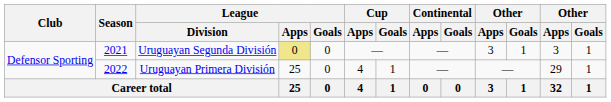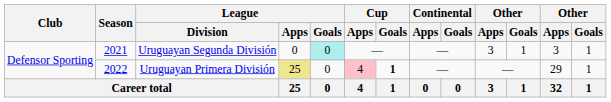 <table class="wikitable" Style="text-align: center">
 <tr>
 <th rowspan="2">Club</th>
 <th rowspan="2">Season</th>
 <th colspan="3">League</th>
 <th colspan="2">Cup</th>
 <th colspan="2">Continental</th>
 <th colspan="2">Other</th>
 <th colspan="2">Other</th>
 </tr>
 <tr>
 <th>Division</th>
 <th>Apps</th>
 <th>Goals</th>
 <th>Apps</th>
 <th>Goals</th>
 <th>Apps</th>
 <th>Goals</th>
 <th>Apps</th>
 <th>Goals</th>
 <th>Apps</th>
 <th>Goals</th>
 </tr>
 <tr>
 <td rowspan="2"><a href='#'>Defensor Sporting</a></td>
 <td><a href='#'>2021</a></td>
 <td><a href='#'>Uruguayan Segunda División</a></td>
-<td style="background: khaki;">0</td>
 <td>0</td>
+<td style="background: paleturquoise;">0</td>
 <td colspan="2">—</td>
 <td colspan="2">—</td>
 <td>3</td>
 <td>1</td>
 <td>3</td>
 <td>1</td>
 </tr>
 <tr>
 <td><a href='#'>2022</a></td>
 <td><a href='#'>Uruguayan Primera División</a></td>
-<td>25</td>
+<td style="background: khaki;">25</td>
 <td>0</td>
-<td>4</td>
-<td>1</td>
+<td style="background: pink;">4</td>
+<td><strong>1</strong></td>
 <td colspan="2">—</td>
 <td colspan="2">—</td>
 <td>29</td>
 <td>1</td>
 </tr>
 <tr>
 <th colspan="3">Career total</th>
 <th>25</th>
 <th>0</th>
 <th>4</th>
 <th>1</th>
 <th>0</th>
 <th>0</th>
 <th>3</th>
 <th>1</th>
 <th>32</th>
 <th>1</th>
 </tr>
 </table>
